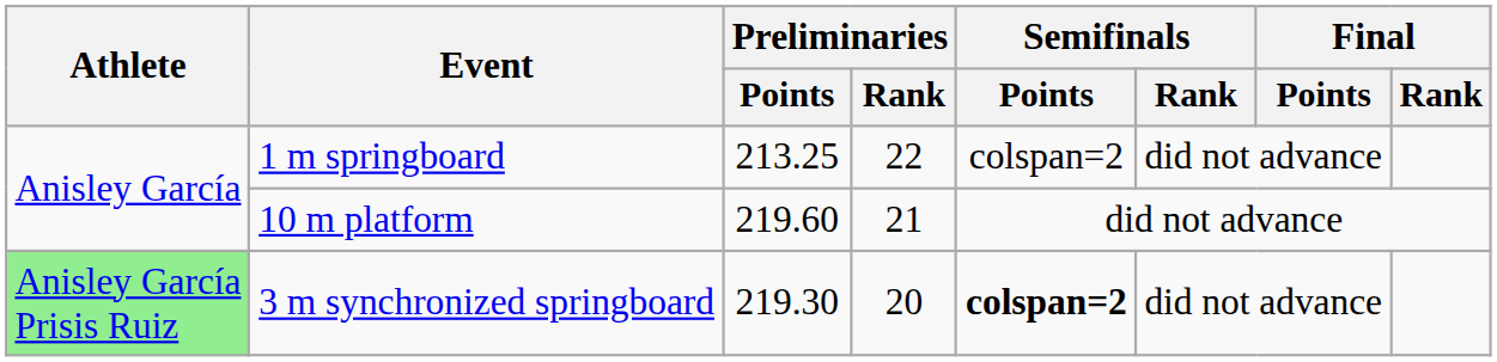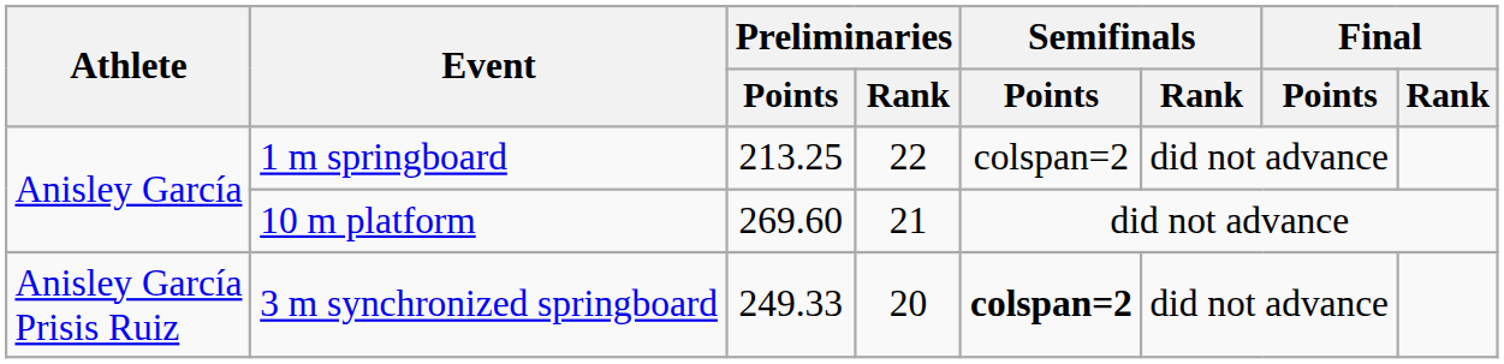 <table class="wikitable" style="text-align:center; font-size:90%">
 <tr>
 <th rowspan=2>Athlete</th>
 <th rowspan=2>Event</th>
 <th colspan=2>Preliminaries</th>
 <th colspan=2>Semifinals</th>
 <th colspan=2>Final</th>
 </tr>
 <tr style="font-size:95%">
 <th>Points</th>
 <th>Rank</th>
 <th>Points</th>
 <th>Rank</th>
 <th>Points</th>
 <th>Rank</th>
 </tr>
 <tr>
 <td align=left rowspan=2><a href='#'>Anisley García</a></td>
 <td align=left><a href='#'>1 m springboard</a></td>
 <td>213.25</td>
 <td>22</td>
 <td>colspan=2 </td>
 <td colspan=2>did not advance</td>
 </tr>
 <tr>
 <td align=left><a href='#'>10 m platform</a></td>
-<td>219.60</td>
+<td>269.60</td>
 <td>21</td>
 <td colspan=4>did not advance</td>
 </tr>
 <tr>
-<td align=left style="background: lightgreen;"><a href='#'>Anisley García</a><br><a href='#'>Prisis Ruiz</a></td>
+<td align=left><a href='#'>Anisley García</a><br><a href='#'>Prisis Ruiz</a></td>
 <td align=left><a href='#'>3 m synchronized springboard</a></td>
-<td>219.30</td>
+<td>249.33</td>
 <td>20</td>
 <td><strong>colspan=2 </strong></td>
 <td colspan=2>did not advance</td>
 </tr>
 </table>
